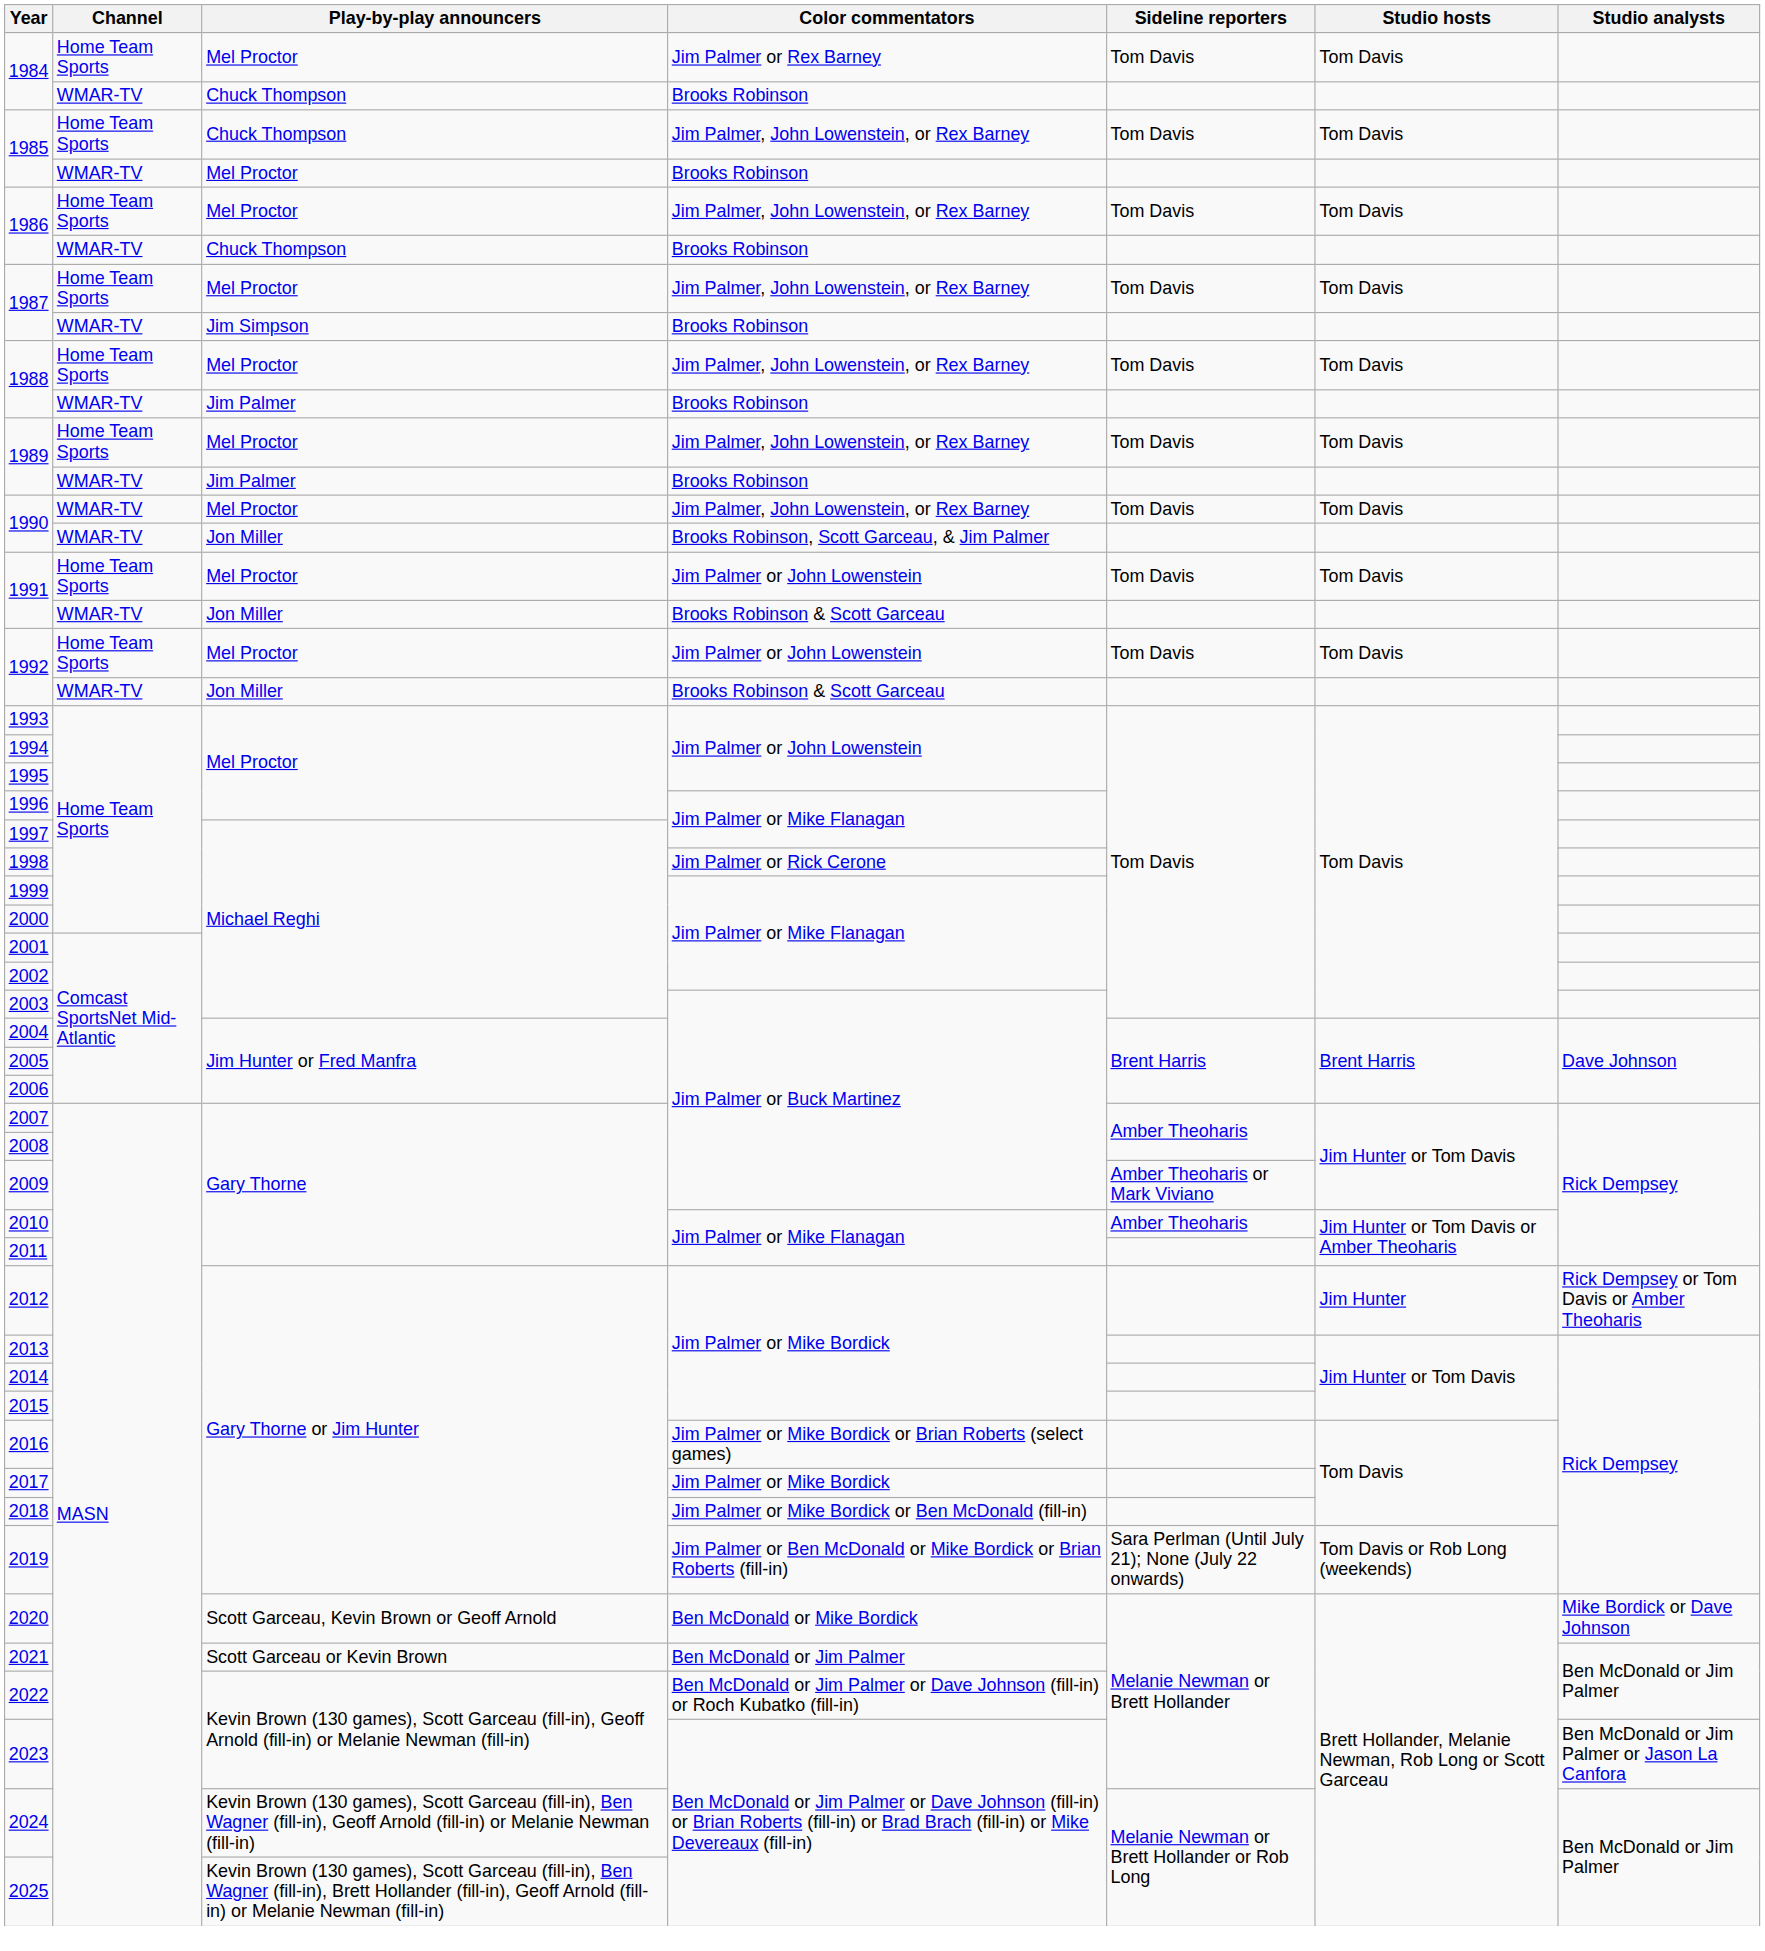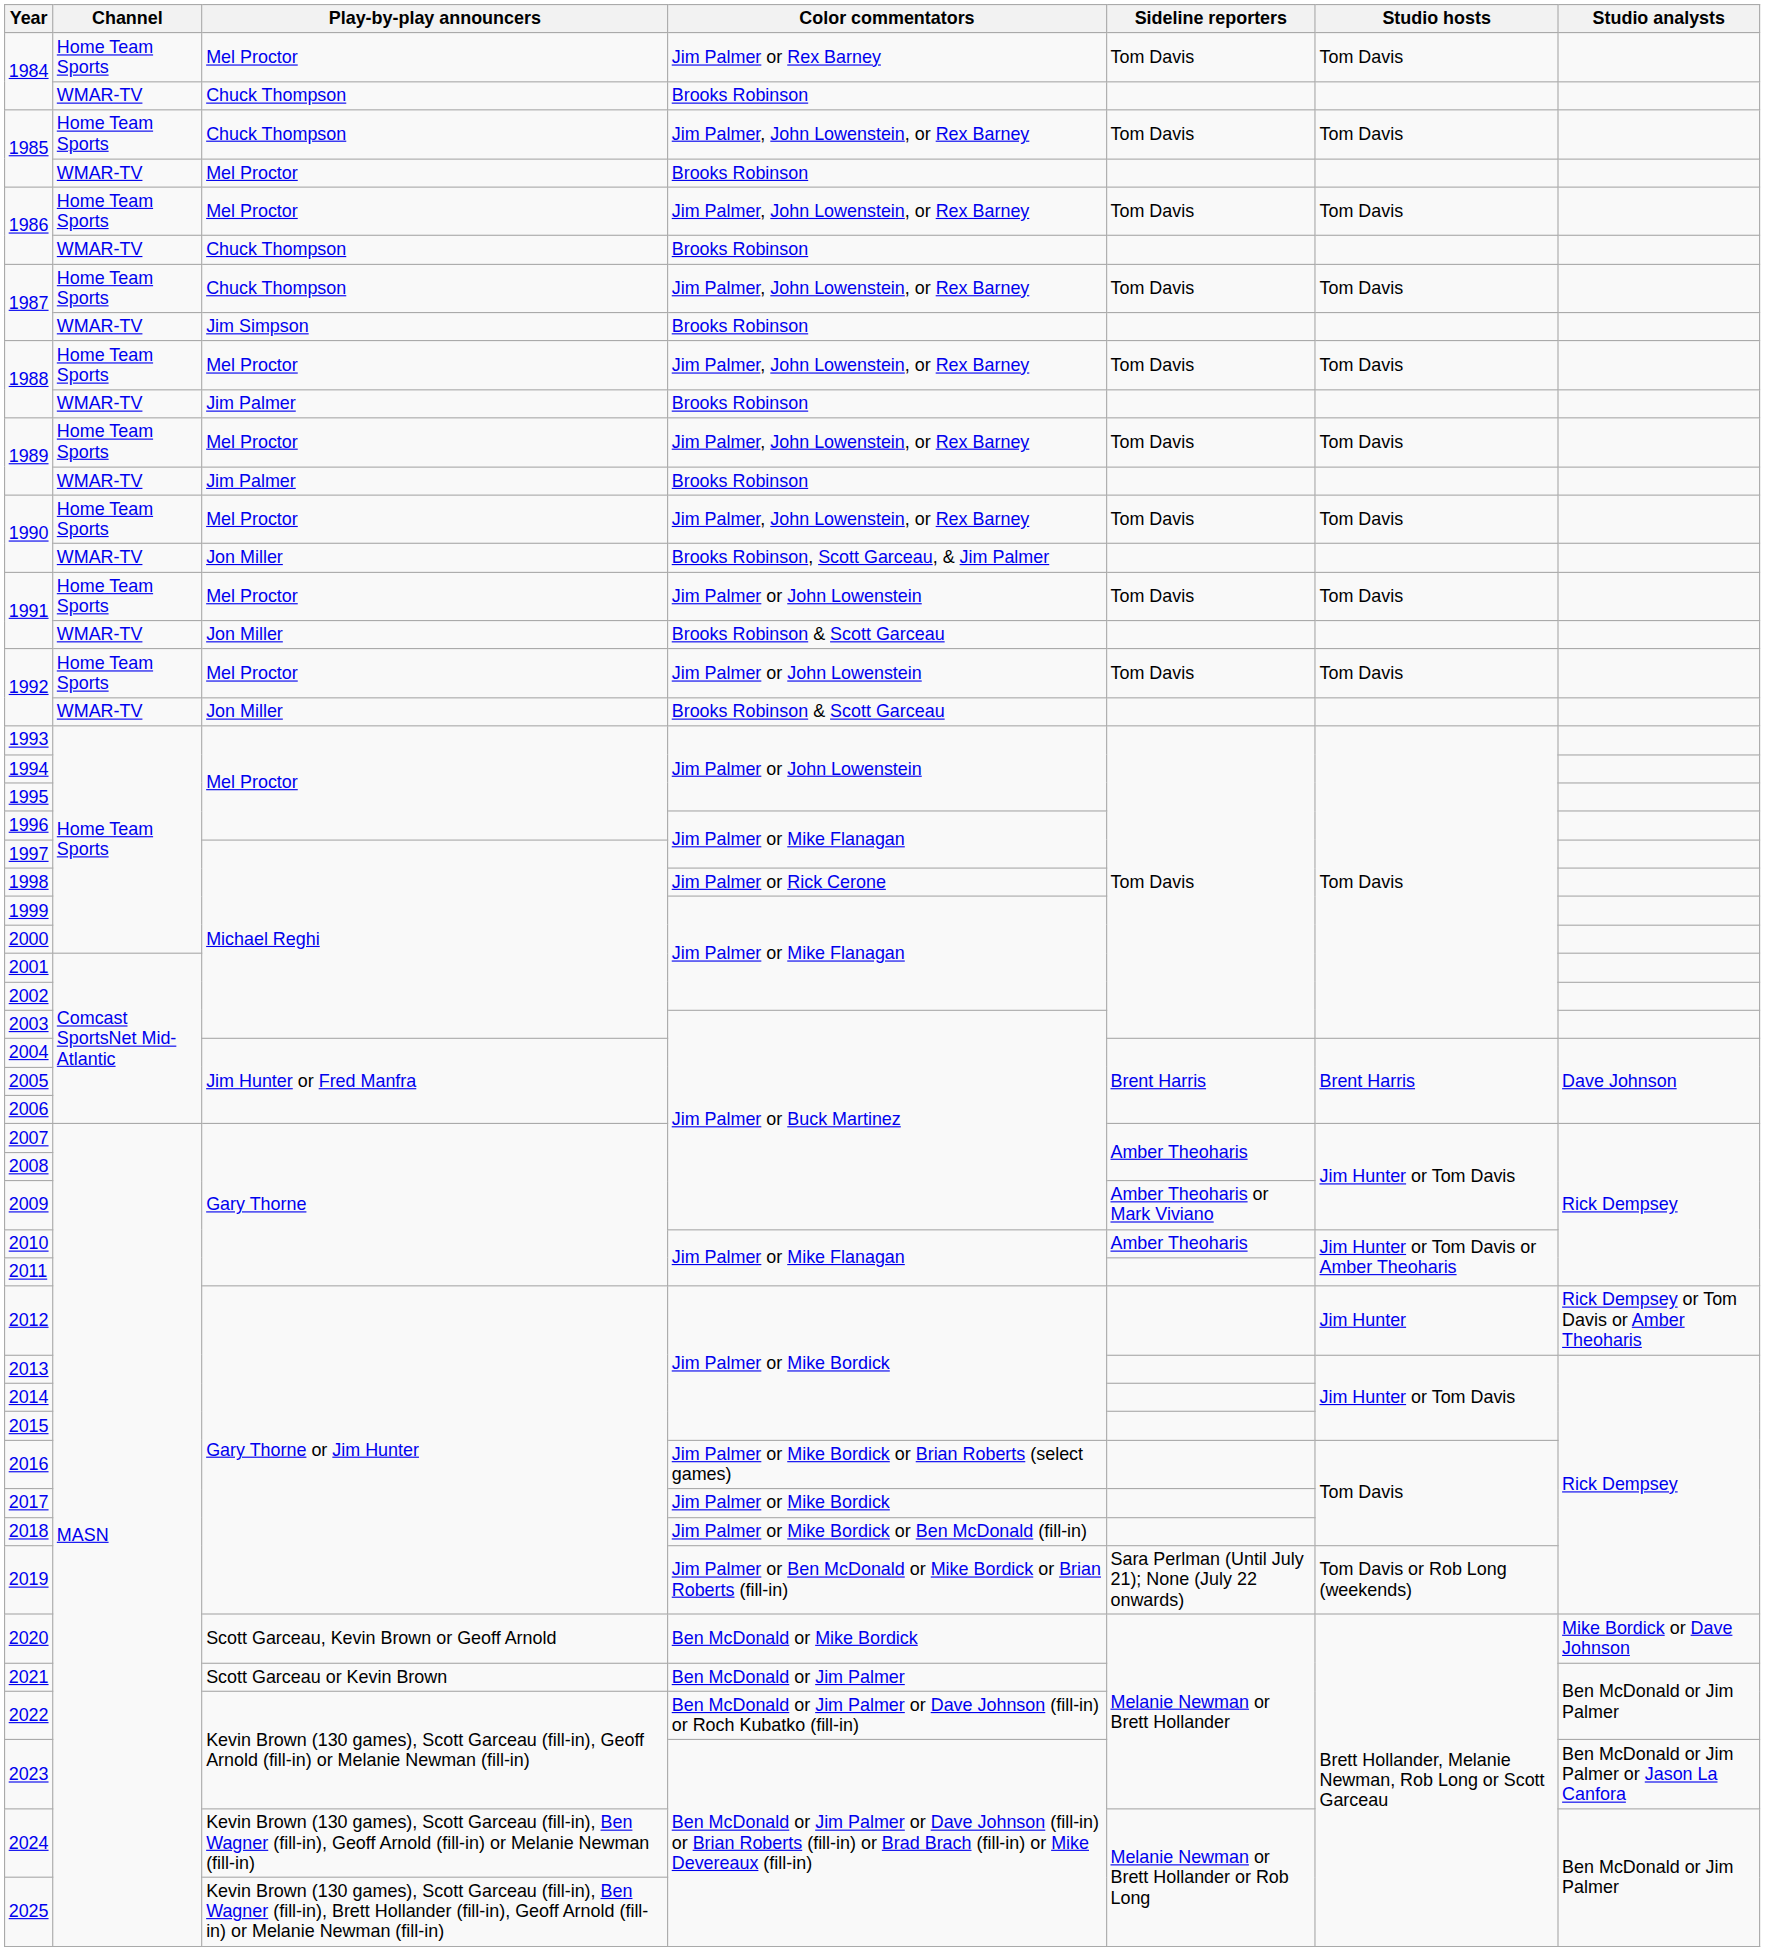 <table class="wikitable">
 <tr>
 <th>Year</th>
 <th>Channel</th>
 <th>Play-by-play announcers</th>
 <th>Color commentators</th>
 <th>Sideline reporters</th>
 <th>Studio hosts</th>
 <th>Studio analysts</th>
 </tr>
 <tr>
 <td rowspan=2><a href='#'>1984</a></td>
 <td><a href='#'>Home Team Sports</a></td>
 <td><a href='#'>Mel Proctor</a></td>
 <td><a href='#'>Jim Palmer</a> or <a href='#'>Rex Barney</a></td>
 <td>Tom Davis</td>
 <td>Tom Davis</td>
 <td></td>
 </tr>
 <tr>
 <td><a href='#'>WMAR-TV</a></td>
 <td><a href='#'>Chuck Thompson</a></td>
 <td><a href='#'>Brooks Robinson</a></td>
 <td></td>
 <td></td>
 <td></td>
 </tr>
 <tr>
 <td rowspan=2><a href='#'>1985</a></td>
 <td><a href='#'>Home Team Sports</a></td>
 <td><a href='#'>Chuck Thompson</a></td>
 <td><a href='#'>Jim Palmer</a>, <a href='#'>John Lowenstein</a>, or <a href='#'>Rex Barney</a></td>
 <td>Tom Davis</td>
 <td>Tom Davis</td>
 <td></td>
 </tr>
 <tr>
 <td><a href='#'>WMAR-TV</a></td>
 <td><a href='#'>Mel Proctor</a></td>
 <td><a href='#'>Brooks Robinson</a></td>
 <td></td>
 <td></td>
 <td></td>
 </tr>
 <tr>
 <td rowspan=2><a href='#'>1986</a></td>
 <td><a href='#'>Home Team Sports</a></td>
 <td><a href='#'>Mel Proctor</a></td>
 <td><a href='#'>Jim Palmer</a>, <a href='#'>John Lowenstein</a>, or <a href='#'>Rex Barney</a></td>
 <td>Tom Davis</td>
 <td>Tom Davis</td>
 <td></td>
 </tr>
 <tr>
 <td><a href='#'>WMAR-TV</a></td>
 <td><a href='#'>Chuck Thompson</a></td>
 <td><a href='#'>Brooks Robinson</a></td>
 <td></td>
 <td></td>
 <td></td>
 </tr>
 <tr>
 <td rowspan=2><a href='#'>1987</a></td>
 <td><a href='#'>Home Team Sports</a></td>
-<td><a href='#'>Mel Proctor</a></td>
+<td><a href='#'>Chuck Thompson</a></td>
 <td><a href='#'>Jim Palmer</a>, <a href='#'>John Lowenstein</a>, or <a href='#'>Rex Barney</a></td>
 <td>Tom Davis</td>
 <td>Tom Davis</td>
 <td></td>
 </tr>
 <tr>
 <td><a href='#'>WMAR-TV</a></td>
 <td><a href='#'>Jim Simpson</a></td>
 <td><a href='#'>Brooks Robinson</a></td>
 <td></td>
 <td></td>
 <td></td>
 </tr>
 <tr>
 <td rowspan=2><a href='#'>1988</a></td>
 <td><a href='#'>Home Team Sports</a></td>
 <td><a href='#'>Mel Proctor</a></td>
 <td><a href='#'>Jim Palmer</a>, <a href='#'>John Lowenstein</a>, or <a href='#'>Rex Barney</a></td>
 <td>Tom Davis</td>
 <td>Tom Davis</td>
 <td></td>
 </tr>
 <tr>
 <td><a href='#'>WMAR-TV</a></td>
 <td><a href='#'>Jim Palmer</a></td>
 <td><a href='#'>Brooks Robinson</a></td>
 <td></td>
 <td></td>
 <td></td>
 </tr>
 <tr>
 <td rowspan=2><a href='#'>1989</a></td>
 <td><a href='#'>Home Team Sports</a></td>
 <td><a href='#'>Mel Proctor</a></td>
 <td><a href='#'>Jim Palmer</a>, <a href='#'>John Lowenstein</a>, or <a href='#'>Rex Barney</a></td>
 <td>Tom Davis</td>
 <td>Tom Davis</td>
 <td></td>
 </tr>
 <tr>
 <td><a href='#'>WMAR-TV</a></td>
 <td><a href='#'>Jim Palmer</a></td>
 <td><a href='#'>Brooks Robinson</a></td>
 <td></td>
 <td></td>
 <td></td>
 </tr>
 <tr>
 <td rowspan=2><a href='#'>1990</a></td>
-<td><a href='#'>WMAR-TV</a></td>
+<td><a href='#'>Home Team Sports</a></td>
 <td><a href='#'>Mel Proctor</a></td>
 <td><a href='#'>Jim Palmer</a>, <a href='#'>John Lowenstein</a>, or <a href='#'>Rex Barney</a></td>
 <td>Tom Davis</td>
 <td>Tom Davis</td>
 <td></td>
 </tr>
 <tr>
 <td><a href='#'>WMAR-TV</a></td>
 <td><a href='#'>Jon Miller</a></td>
 <td><a href='#'>Brooks Robinson</a>, <a href='#'>Scott Garceau</a>, & <a href='#'>Jim Palmer</a></td>
 <td></td>
 <td></td>
 <td></td>
 </tr>
 <tr>
 <td rowspan=2><a href='#'>1991</a></td>
 <td><a href='#'>Home Team Sports</a></td>
 <td><a href='#'>Mel Proctor</a></td>
 <td><a href='#'>Jim Palmer</a> or <a href='#'>John Lowenstein</a></td>
 <td>Tom Davis</td>
 <td>Tom Davis</td>
 <td></td>
 </tr>
 <tr>
 <td><a href='#'>WMAR-TV</a></td>
 <td><a href='#'>Jon Miller</a></td>
 <td><a href='#'>Brooks Robinson</a> & <a href='#'>Scott Garceau</a></td>
 <td></td>
 <td></td>
 <td></td>
 </tr>
 <tr>
 <td rowspan=2><a href='#'>1992</a></td>
 <td><a href='#'>Home Team Sports</a></td>
 <td><a href='#'>Mel Proctor</a></td>
 <td><a href='#'>Jim Palmer</a> or <a href='#'>John Lowenstein</a></td>
 <td>Tom Davis</td>
 <td>Tom Davis</td>
 <td></td>
 </tr>
 <tr>
 <td><a href='#'>WMAR-TV</a></td>
 <td><a href='#'>Jon Miller</a></td>
 <td><a href='#'>Brooks Robinson</a> & <a href='#'>Scott Garceau</a></td>
 <td></td>
 <td></td>
 <td></td>
 </tr>
 <tr>
 <td><a href='#'>1993</a></td>
 <td rowspan=8><a href='#'>Home Team Sports</a></td>
 <td rowspan=4><a href='#'>Mel Proctor</a></td>
 <td rowspan=3><a href='#'>Jim Palmer</a> or <a href='#'>John Lowenstein</a></td>
 <td rowspan=11>Tom Davis</td>
 <td rowspan=11>Tom Davis</td>
 <td></td>
 </tr>
 <tr>
 <td><a href='#'>1994</a></td>
 <td></td>
 </tr>
 <tr>
 <td><a href='#'>1995</a></td>
 <td></td>
 </tr>
 <tr>
 <td><a href='#'>1996</a></td>
 <td rowspan=2><a href='#'>Jim Palmer</a> or <a href='#'>Mike Flanagan</a></td>
 <td></td>
 </tr>
 <tr>
 <td><a href='#'>1997</a></td>
 <td rowspan=7><a href='#'>Michael Reghi</a></td>
 <td></td>
 </tr>
 <tr>
 <td><a href='#'>1998</a></td>
 <td><a href='#'>Jim Palmer</a> or <a href='#'>Rick Cerone</a></td>
 <td></td>
 </tr>
 <tr>
 <td><a href='#'>1999</a></td>
 <td rowspan=4><a href='#'>Jim Palmer</a> or <a href='#'>Mike Flanagan</a></td>
 <td></td>
 </tr>
 <tr>
 <td><a href='#'>2000</a></td>
 <td></td>
 </tr>
 <tr>
 <td><a href='#'>2001</a></td>
 <td rowspan=6><a href='#'>Comcast SportsNet Mid-Atlantic</a></td>
 <td></td>
 </tr>
 <tr>
 <td><a href='#'>2002</a></td>
 <td></td>
 </tr>
 <tr>
 <td><a href='#'>2003</a></td>
 <td rowspan=7><a href='#'>Jim Palmer</a> or <a href='#'>Buck Martinez</a></td>
 <td></td>
 </tr>
 <tr>
 <td><a href='#'>2004</a></td>
 <td rowspan=3><a href='#'>Jim Hunter</a> or <a href='#'>Fred Manfra</a></td>
 <td rowspan=3><a href='#'>Brent Harris</a></td>
 <td rowspan=3><a href='#'>Brent Harris</a></td>
 <td rowspan=3><a href='#'>Dave Johnson</a></td>
 </tr>
 <tr>
 <td><a href='#'>2005</a></td>
 </tr>
 <tr>
 <td><a href='#'>2006</a></td>
 </tr>
 <tr>
 <td><a href='#'>2007</a></td>
 <td rowspan=19><a href='#'>MASN</a></td>
 <td rowspan=5><a href='#'>Gary Thorne</a></td>
 <td rowspan=2><a href='#'>Amber Theoharis</a></td>
 <td rowspan=3><a href='#'>Jim Hunter</a> or Tom Davis</td>
 <td rowspan=5><a href='#'>Rick Dempsey</a></td>
 </tr>
 <tr>
 <td><a href='#'>2008</a></td>
 </tr>
 <tr>
 <td><a href='#'>2009</a></td>
 <td><a href='#'>Amber Theoharis</a> or <a href='#'>Mark Viviano</a></td>
 </tr>
 <tr>
 <td><a href='#'>2010</a></td>
 <td rowspan=2><a href='#'>Jim Palmer</a> or <a href='#'>Mike Flanagan</a></td>
 <td><a href='#'>Amber Theoharis</a></td>
 <td rowspan=2><a href='#'>Jim Hunter</a> or Tom Davis or <a href='#'>Amber Theoharis</a></td>
 </tr>
 <tr>
 <td><a href='#'>2011</a></td>
 <td></td>
 </tr>
 <tr>
 <td><a href='#'>2012</a></td>
 <td rowspan=8><a href='#'>Gary Thorne</a> or <a href='#'>Jim Hunter</a></td>
 <td rowspan=4><a href='#'>Jim Palmer</a> or <a href='#'>Mike Bordick</a></td>
 <td></td>
 <td><a href='#'>Jim Hunter</a></td>
 <td><a href='#'>Rick Dempsey</a> or Tom Davis or <a href='#'>Amber Theoharis</a></td>
 </tr>
 <tr>
 <td><a href='#'>2013</a></td>
 <td></td>
 <td rowspan=3><a href='#'>Jim Hunter</a> or Tom Davis</td>
 <td rowspan=7><a href='#'>Rick Dempsey</a></td>
 </tr>
 <tr>
 <td><a href='#'>2014</a></td>
 <td></td>
 </tr>
 <tr>
 <td><a href='#'>2015</a></td>
 <td></td>
 </tr>
 <tr>
 <td><a href='#'>2016</a></td>
 <td><a href='#'>Jim Palmer</a> or <a href='#'>Mike Bordick</a> or <a href='#'>Brian Roberts</a> (select games)</td>
 <td></td>
 <td rowspan=3>Tom Davis</td>
 </tr>
 <tr>
 <td><a href='#'>2017</a></td>
 <td><a href='#'>Jim Palmer</a> or <a href='#'>Mike Bordick</a></td>
 <td></td>
 </tr>
 <tr>
 <td><a href='#'>2018</a></td>
 <td><a href='#'>Jim Palmer</a> or <a href='#'>Mike Bordick</a> or <a href='#'>Ben McDonald</a> (fill-in)</td>
 <td></td>
 </tr>
 <tr>
 <td><a href='#'>2019</a></td>
 <td><a href='#'>Jim Palmer</a> or <a href='#'>Ben McDonald</a> or <a href='#'>Mike Bordick</a> or <a href='#'>Brian Roberts</a> (fill-in)</td>
 <td>Sara Perlman (Until July 21); None (July 22 onwards)</td>
 <td>Tom Davis or Rob Long (weekends)</td>
 </tr>
 <tr>
 <td><a href='#'>2020</a></td>
 <td>Scott Garceau, Kevin Brown or Geoff Arnold</td>
 <td><a href='#'>Ben McDonald</a> or <a href='#'>Mike Bordick</a></td>
 <td rowspan=4><a href='#'>Melanie Newman</a> or Brett Hollander</td>
 <td rowspan=6>Brett Hollander, Melanie Newman, Rob Long or Scott Garceau</td>
 <td><a href='#'>Mike Bordick</a> or <a href='#'>Dave Johnson</a></td>
 </tr>
 <tr>
 <td><a href='#'>2021</a></td>
 <td rowspan=1>Scott Garceau or Kevin Brown</td>
 <td rowspan=1><a href='#'>Ben McDonald</a> or <a href='#'>Jim Palmer</a></td>
 <td rowspan=2>Ben McDonald or Jim Palmer</td>
 </tr>
 <tr>
 <td><a href='#'>2022</a></td>
 <td rowspan=2>Kevin Brown (130 games), Scott Garceau (fill-in), Geoff Arnold (fill-in) or Melanie Newman (fill-in)</td>
 <td><a href='#'>Ben McDonald</a> or <a href='#'>Jim Palmer</a> or <a href='#'>Dave Johnson</a> (fill-in) or Roch Kubatko (fill-in)</td>
 </tr>
 <tr>
 <td><a href='#'>2023</a></td>
 <td rowspan=3><a href='#'>Ben McDonald</a> or <a href='#'>Jim Palmer</a> or <a href='#'>Dave Johnson</a> (fill-in) or <a href='#'>Brian Roberts</a> (fill-in) or <a href='#'>Brad Brach</a> (fill-in) or <a href='#'>Mike Devereaux</a> (fill-in)</td>
 <td rowspan=1>Ben McDonald or Jim Palmer or <a href='#'>Jason La Canfora</a></td>
 </tr>
 <tr>
 <td><a href='#'>2024</a></td>
 <td>Kevin Brown (130 games), Scott Garceau (fill-in), <a href='#'>Ben Wagner</a> (fill-in), Geoff Arnold (fill-in) or Melanie Newman (fill-in)</td>
 <td rowspan=2><a href='#'>Melanie Newman</a> or Brett Hollander or Rob Long</td>
 <td rowspan=2>Ben McDonald or Jim Palmer</td>
 </tr>
 <tr>
 <td><a href='#'>2025</a></td>
 <td>Kevin Brown (130 games), Scott Garceau (fill-in), <a href='#'>Ben Wagner</a> (fill-in), Brett Hollander (fill-in), Geoff Arnold (fill-in) or Melanie Newman (fill-in)</td>
 </tr>
 <tr>
 </tr>
 </table>
